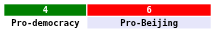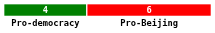 <table style="width:50%; text-align:center;">
 <tr style="color:white;">
 <td style="background:green; width:40%;"><strong>4</strong></td>
 <td style="background:red; width:60%;"><strong>6</strong></td>
 </tr>
 <tr>
 <td><span><strong>Pro-democracy</strong></span></td>
-<td style="background: lavender;"><span><strong>Pro-Beijing</strong></span></td>
+<td><span><strong>Pro-Beijing</strong></span></td>
 </tr>
 </table>
